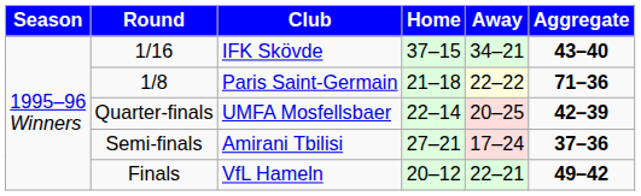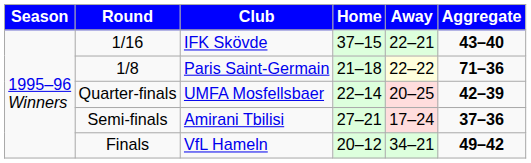 <table class="wikitable">
 <tr>
 <th style="color:#FFFFFF; background:#0000FF">Season</th>
 <th style="color:#FFFFFF; background:#0000FF">Round</th>
 <th style="color:#FFFFFF; background:#0000FF">Club</th>
 <th style="color:#FFFFFF; background:#0000FF">Home</th>
 <th style="color:#FFFFFF; background:#0000FF">Away</th>
 <th style="color:#FFFFFF; background:#0000FF">Aggregate</th>
 </tr>
 <tr>
 <td rowspan=5><a href='#'>1995–96</a><br> <em>Winners</em></td>
 <td align=center>1/16</td>
 <td> <a href='#'>IFK Skövde</a></td>
 <td style="text-align:center; background:#dfd;">37–15</td>
-<td style="text-align:center; background:#dfd;">34–21</td>
+<td style="text-align:center; background:#dfd;">22–21</td>
 <td style="text-align:center;"><strong>43–40</strong></td>
 </tr>
 <tr>
 <td align=center>1/8</td>
 <td> <a href='#'>Paris Saint-Germain</a></td>
 <td style="text-align:center; background:#dfd;">21–18</td>
 <td style="text-align:center; background:#ffd;">22–22</td>
 <td style="text-align:center;"><strong>71–36</strong></td>
 </tr>
 <tr>
 <td align=center>Quarter-finals</td>
 <td> <a href='#'>UMFA Mosfellsbaer</a></td>
 <td style="text-align:center; background:#dfd;">22–14</td>
 <td style="text-align:center; background:#fdd;">20–25</td>
 <td style="text-align:center;"><strong>42–39</strong></td>
 </tr>
 <tr>
 <td align=center>Semi-finals</td>
 <td> <a href='#'>Amirani Tbilisi</a></td>
 <td style="text-align:center; background:#dfd;">27–21</td>
 <td style="text-align:center; background:#fdd;">17–24</td>
 <td style="text-align:center;"><strong>37–36</strong></td>
 </tr>
 <tr>
 <td align=center>Finals</td>
 <td> <a href='#'>VfL Hameln</a></td>
 <td style="text-align:center; background:#dfd;">20–12</td>
-<td style="text-align:center; background:#dfd;">22–21</td>
+<td style="text-align:center; background:#dfd;">34–21</td>
 <td style="text-align:center;"><strong>49–42</strong></td>
 </tr>
 </table>
